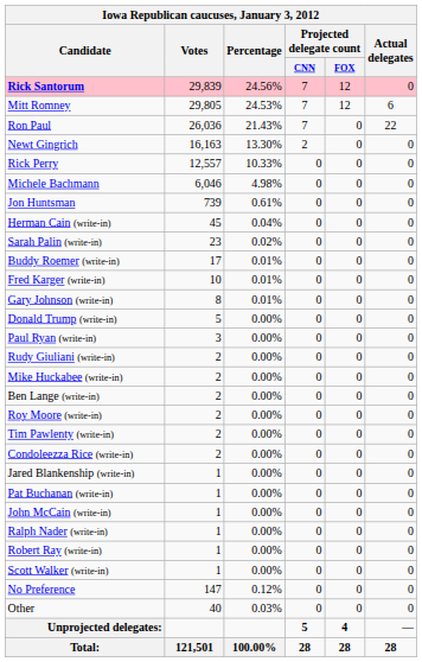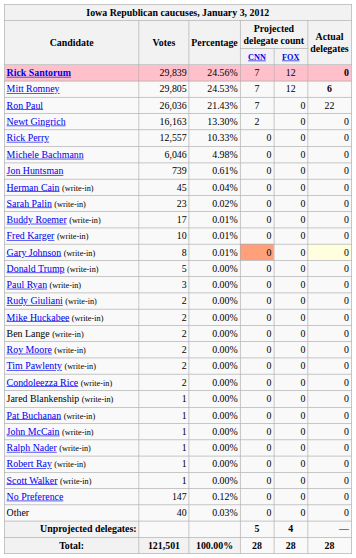 <table class="wikitable" style="font-size:95%; text-align:right">
 <tr>
 <th colspan="6" align="center">Iowa Republican caucuses, January 3, 2012</th>
 </tr>
 <tr>
 <th rowspan="2" style="width:200px; vertical-align:middle;">Candidate</th>
 <th rowspan="2" style="width:70px; vertical-align:middle;">Votes</th>
 <th rowspan="2" style="width:70px; vertical-align:middle;">Percentage</th>
 <th colspan="2">Projected delegate count</th>
 <th rowspan="2" style="width:60px; vertical align:middle">Actual<br> delegates</th>
 </tr>
 <tr>
 <th style="width:45px;"><small><a href='#'>CNN</a></small><br></th>
 <th style="width:45px;"><small><a href='#'>FOX</a></small><br></th>
 </tr>
 <tr bgcolor="pink">
 <td style="text-align:left;"><strong><a href='#'>Rick Santorum</a></strong></td>
 <td>29,839</td>
 <td>24.56%</td>
 <td style="text-align:center;">7</td>
 <td style="text-align:center;">12</td>
-<td>0</td>
+<td><strong>0</strong></td>
 </tr>
 <tr>
 <td style="text-align:left;"><a href='#'>Mitt Romney</a></td>
 <td>29,805</td>
 <td>24.53%</td>
 <td style="text-align:center;">7</td>
 <td style="text-align:center;">12</td>
-<td style="text-align:center;">6</td>
+<td style="text-align:center;"><strong>6</strong></td>
 </tr>
 <tr>
 <td style="text-align:left;"><a href='#'>Ron Paul</a></td>
 <td>26,036</td>
 <td>21.43%</td>
 <td style="text-align:center;">7</td>
 <td>0</td>
 <td style="text-align:center;">22</td>
 </tr>
 <tr>
 <td style="text-align:left;"><a href='#'>Newt Gingrich</a></td>
 <td>16,163</td>
 <td>13.30%</td>
 <td style="text-align:center;">2</td>
 <td>0</td>
 <td>0</td>
 </tr>
 <tr>
 <td style="text-align:left;"><a href='#'>Rick Perry</a></td>
 <td>12,557</td>
 <td>10.33%</td>
 <td>0</td>
 <td>0</td>
 <td>0</td>
 </tr>
 <tr>
 <td style="text-align:left;"><a href='#'>Michele Bachmann</a></td>
 <td>6,046</td>
 <td>4.98%</td>
 <td>0</td>
 <td>0</td>
 <td>0</td>
 </tr>
 <tr>
 <td style="text-align:left;"><a href='#'>Jon Huntsman</a></td>
 <td>739</td>
 <td>0.61%</td>
 <td>0</td>
 <td>0</td>
 <td>0</td>
 </tr>
 <tr>
 <td style="text-align:left;"><a href='#'>Herman Cain</a> <small>(write-in)</small></td>
 <td>45</td>
 <td>0.04%</td>
 <td>0</td>
 <td>0</td>
 <td>0</td>
 </tr>
 <tr>
 <td style="text-align:left;"><a href='#'>Sarah Palin</a> <small>(write-in)</small></td>
 <td>23</td>
 <td>0.02%</td>
 <td>0</td>
 <td>0</td>
 <td>0</td>
 </tr>
 <tr>
 <td style="text-align:left;"><a href='#'>Buddy Roemer</a> <small>(write-in)</small></td>
 <td>17</td>
 <td>0.01%</td>
 <td>0</td>
 <td>0</td>
 <td>0</td>
 </tr>
 <tr>
 <td style="text-align:left;"><a href='#'>Fred Karger</a> <small>(write-in)</small></td>
 <td>10</td>
 <td>0.01%</td>
 <td>0</td>
 <td>0</td>
 <td>0</td>
 </tr>
 <tr>
 <td style="text-align:left;"><a href='#'>Gary Johnson</a> <small>(write-in)</small></td>
 <td>8</td>
 <td>0.01%</td>
+<td style="background: lightsalmon;">0</td>
 <td>0</td>
-<td>0</td>
-<td>0</td>
+<td style="background: lightyellow;">0</td>
 </tr>
 <tr>
 <td style="text-align:left;"><a href='#'>Donald Trump</a> <small>(write-in)</small></td>
 <td>5</td>
 <td>0.00%</td>
 <td>0</td>
 <td>0</td>
 <td>0</td>
 </tr>
 <tr>
 <td style="text-align:left;"><a href='#'>Paul Ryan</a> <small>(write-in)</small></td>
 <td>3</td>
 <td>0.00%</td>
 <td>0</td>
 <td>0</td>
 <td>0</td>
 </tr>
 <tr>
 <td style="text-align:left;"><a href='#'>Rudy Giuliani</a> <small>(write-in)</small></td>
 <td>2</td>
 <td>0.00%</td>
 <td>0</td>
 <td>0</td>
 <td>0</td>
 </tr>
 <tr>
 <td style="text-align:left;"><a href='#'>Mike Huckabee</a> <small>(write-in)</small></td>
 <td>2</td>
 <td>0.00%</td>
 <td>0</td>
 <td>0</td>
 <td>0</td>
 </tr>
 <tr>
 <td style="text-align:left;">Ben Lange <small>(write-in)</small></td>
 <td>2</td>
 <td>0.00%</td>
 <td>0</td>
 <td>0</td>
 <td>0</td>
 </tr>
 <tr>
 <td style="text-align:left;"><a href='#'>Roy Moore</a> <small>(write-in)</small></td>
 <td>2</td>
 <td>0.00%</td>
 <td>0</td>
 <td>0</td>
 <td>0</td>
 </tr>
 <tr>
 <td style="text-align:left;"><a href='#'>Tim Pawlenty</a> <small>(write-in)</small></td>
 <td>2</td>
 <td>0.00%</td>
 <td>0</td>
 <td>0</td>
 <td>0</td>
 </tr>
 <tr>
 <td style="text-align:left;"><a href='#'>Condoleezza Rice</a> <small>(write-in)</small></td>
 <td>2</td>
 <td>0.00%</td>
 <td>0</td>
 <td>0</td>
 <td>0</td>
 </tr>
 <tr>
 <td style="text-align:left;">Jared Blankenship <small>(write-in)</small></td>
 <td>1</td>
 <td>0.00%</td>
 <td>0</td>
 <td>0</td>
 <td>0</td>
 </tr>
 <tr>
 <td style="text-align:left;"><a href='#'>Pat Buchanan</a> <small>(write-in)</small></td>
 <td>1</td>
 <td>0.00%</td>
 <td>0</td>
 <td>0</td>
 <td>0</td>
 </tr>
 <tr>
 <td style="text-align:left;"><a href='#'>John McCain</a> <small>(write-in)</small></td>
 <td>1</td>
 <td>0.00%</td>
 <td>0</td>
 <td>0</td>
 <td>0</td>
 </tr>
 <tr>
 <td style="text-align:left;"><a href='#'>Ralph Nader</a> <small>(write-in)</small></td>
 <td>1</td>
 <td>0.00%</td>
 <td>0</td>
 <td>0</td>
 <td>0</td>
 </tr>
 <tr>
 <td style="text-align:left;"><a href='#'>Robert Ray</a> <small>(write-in)</small></td>
 <td>1</td>
 <td>0.00%</td>
 <td>0</td>
 <td>0</td>
 <td>0</td>
 </tr>
 <tr>
 <td style="text-align:left;"><a href='#'>Scott Walker</a> <small>(write-in)</small></td>
 <td>1</td>
 <td>0.00%</td>
 <td>0</td>
 <td>0</td>
 <td>0</td>
 </tr>
 <tr>
 <td style="text-align:left;"><a href='#'>No Preference</a></td>
 <td>147</td>
 <td>0.12%</td>
 <td>0</td>
 <td>0</td>
 <td>0</td>
 </tr>
 <tr>
 <td style="text-align:left;">Other</td>
 <td>40</td>
 <td>0.03%</td>
 <td>0</td>
 <td>0</td>
 <td>0</td>
 </tr>
 <tr>
 <th style="text-align:right;">Unprojected delegates:</th>
 <td></td>
 <td></td>
 <td style="text-align:center;"><strong>5</strong></td>
 <td style="text-align:center;"><strong>4</strong></td>
 <td>—</td>
 </tr>
 <tr style="text-align:right;">
 <th>Total:</th>
 <th>121,501</th>
 <th>100.00%</th>
 <td style="text-align:center;"><strong>28</strong></td>
 <td style="text-align:center;"><strong>28</strong></td>
 <td style="text-align:center;"><strong>28</strong></td>
 </tr>
 </table>
